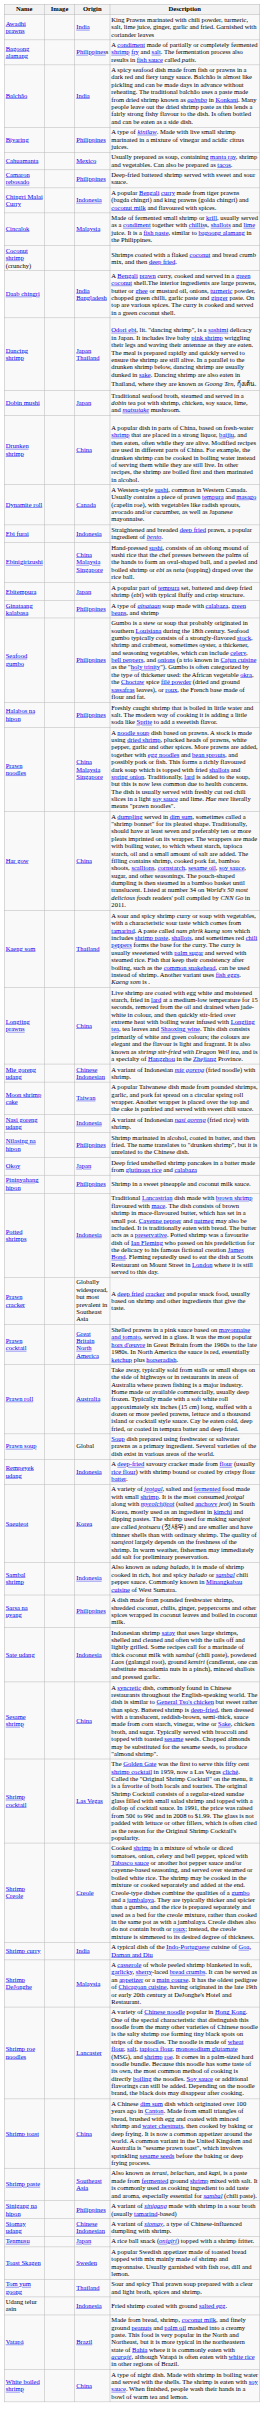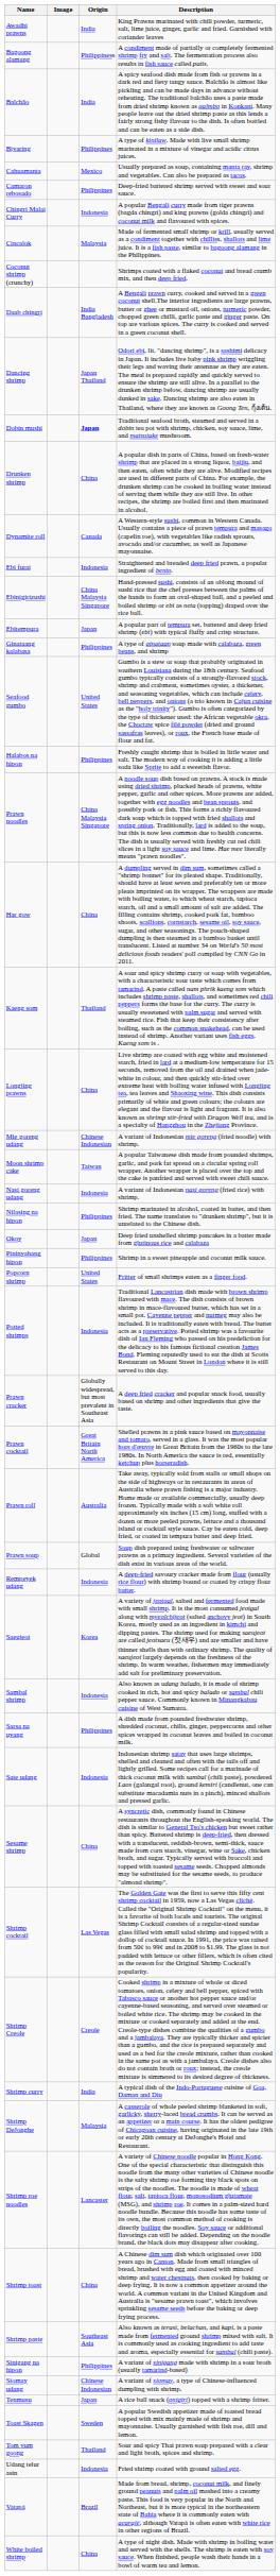 <table class="wikitable sortable" style="width:100%; height:100%;">
 <tr>
 <th style="width:15%;">Name</th>
 <th style="width:12%;">Image</th>
 <th style="width:13%;">Origin</th>
 <th style="width:60%;">Description</th>
 </tr>
 <tr>
 <td><a href='#'>Awadhi prawns</a></td>
 <td></td>
 <td><a href='#'>India</a></td>
 <td>King Prawns marinated with chili powder, turmeric, salt, lime juice, ginger, garlic and fried. Garnished with coriander leaves</td>
 </tr>
 <tr>
 <td><a href='#'>Bagoong alamang</a></td>
 <td></td>
 <td><a href='#'>Philippines</a>s</td>
 <td>A <a href='#'>condiment</a> made of partially or completely fermented <a href='#'>shrimp</a> <a href='#'>fry</a> and <a href='#'>salt</a>. The fermentation process also results in <a href='#'>fish sauce</a> called <em>patis</em>.</td>
 </tr>
 <tr>
 <td><a href='#'>Balchão</a></td>
 <td></td>
 <td><a href='#'>India</a></td>
 <td>A spicy seafood dish made from fish or prawns in a dark red and fiery tangy sauce. Balchão is almost like pickling and can be made days in advance without reheating. The traditional balchão uses a paste made from dried shrimp known as <em><a href='#'>galmbo</a></em> in <a href='#'>Konkani</a>. Many people leave out the dried shrimp paste as this lends a fairly strong fishy flavour to the dish. Is often bottled and can be eaten as a side dish.</td>
 </tr>
 <tr>
 <td><a href='#'>Biyaring</a></td>
 <td></td>
 <td><a href='#'>Philippines</a></td>
 <td>A type of <em><a href='#'>kinilaw</a></em>. Made with live small shrimp marinated in a mixture of vinegar and acidic citrus juices.</td>
 </tr>
 <tr>
 <td><a href='#'>Cahuamanta</a></td>
 <td></td>
 <td><a href='#'>Mexico</a></td>
 <td>Usually prepared as soup, containing <a href='#'>manta ray</a>, shrimp and vegetables. Can also be prepared as <a href='#'>tacos</a>.</td>
 </tr>
 <tr>
 <td><a href='#'>Camaron rebosado</a></td>
 <td></td>
 <td><a href='#'>Philippines</a></td>
 <td>Deep-fried battered shrimp served with sweet and sour sauce.</td>
 </tr>
 <tr>
 <td><a href='#'>Chingri Malai Curry</a></td>
 <td></td>
 <td><a href='#'>Indonesia</a></td>
 <td>A popular <a href='#'>Bengali</a> <a href='#'>curry</a> made from tiger prawns (bagda chingri) and king prawns (golda chingri) and <a href='#'>coconut milk</a> and flavoured with spices.</td>
 </tr>
 <tr>
 <td><a href='#'>Cincalok</a></td>
 <td></td>
 <td><a href='#'>Malaysia</a></td>
 <td>Made of fermented small shrimp or <a href='#'>krill</a>, usually served as a <a href='#'>condiment</a> together with <a href='#'>chillis</a>s, <a href='#'>shallots</a> and <a href='#'>lime</a> juice. It is a <a href='#'>fish paste</a>, similar to <a href='#'>bagoong alamang</a> in the Philippines.</td>
 </tr>
 <tr>
 <td><a href='#'>Coconut shrimp</a> (crunchy)</td>
 <td></td>
 <td></td>
 <td>Shrimps coated with a flaked <a href='#'>coconut</a> and bread crumb mix, and then <a href='#'>deep fried</a>.</td>
 </tr>
 <tr>
 <td><a href='#'>Daab chingri</a></td>
 <td></td>
 <td><a href='#'>India</a><br><a href='#'>Bangladesh</a></td>
 <td>A <a href='#'>Bengali</a> <a href='#'>prawn</a> curry, cooked and served in a <a href='#'>green coconut</a> shell.The interior ingredients are large prawns, butter or <a href='#'>ghee</a> or mustard oil, onions, <a href='#'>turmeric</a> powder, chopped green chilli, garlic paste and <a href='#'>ginger</a> paste. On top are various spices. The curry is cooked and served in a green coconut shell.</td>
 </tr>
 <tr>
 <td><a href='#'>Dancing shrimp</a></td>
 <td></td>
 <td><a href='#'>Japan</a><br><a href='#'>Thailand</a></td>
 <td><br><a href='#'>Odori ebi</a>, lit. "dancing shrimp", is a <a href='#'>sashimi</a> delicacy in Japan. It includes live baby <a href='#'>pink shrimp</a> wriggling their legs and waving their antennae as they are eaten. The meal is prepared rapidly and quickly served to ensure the shrimp are still alive. In a parallel to the drunken shrimp below, dancing shrimp are usually dunked in <a href='#'>sake</a>. Dancing shrimp are also eaten in Thailand, where they are known as <em>Goong Ten</em>, กุ้งเต้น.</td>
 </tr>
 <tr>
 <td><a href='#'>Dobin mushi</a></td>
 <td></td>
-<td><a href='#'>Japan</a></td>
+<td><strong><a href='#'>Japan</a></strong></td>
 <td>Traditional seafood broth, steamed and served in a <em>dobin</em> tea pot with shrimp, chicken, soy sauce, lime, and <em><a href='#'>matsutake</a></em> mushroom.</td>
 </tr>
 <tr>
 <td><a href='#'>Drunken shrimp</a></td>
 <td></td>
 <td><a href='#'>China</a></td>
 <td><br>A popular dish in parts of China, based on fresh-water <a href='#'>shrimp</a> that are placed in a strong liquor, <a href='#'>baijiu</a>, and then eaten, often while they are alive. Modified recipes are used in different parts of China. For example, the drunken shrimp can be cooked in boiling water instead of serving them while they are still live. In other recipes, the shrimp are boiled first and then marinated in alcohol.</td>
 </tr>
 <tr>
 <td><a href='#'>Dynamite roll</a></td>
 <td></td>
 <td><a href='#'>Canada</a></td>
 <td>A Western-style <a href='#'>sushi</a>, common in Western Canada. Usually contains a piece of prawn <a href='#'>tempura</a> and <a href='#'>masago</a> (capelin roe), with vegetables like radish sprouts, avocado and/or cucumber, as well as Japanese mayonnaise.</td>
 </tr>
 <tr>
 <td><a href='#'>Ebi furai</a></td>
 <td></td>
 <td><a href='#'>Indonesia</a></td>
 <td>Straightened and breaded <a href='#'>deep fried</a> prawn, a popular ingredient of <em><a href='#'>bento</a></em>.</td>
 </tr>
 <tr>
 <td><a href='#'>Ebinigirizushi</a></td>
 <td></td>
 <td><a href='#'>China</a><br><a href='#'>Malaysia</a><br><a href='#'>Singapore</a></td>
 <td>Hand-pressed <a href='#'>sushi</a>,  consists of an oblong mound of sushi rice that the chef presses between the palms of the hands to form an oval-shaped ball, and a peeled and boiled shrimp or <em>ebi</em> as <em>neta</em> (topping) draped over the rice ball.</td>
 </tr>
 <tr>
 <td><a href='#'>Ebitempura</a></td>
 <td></td>
 <td><a href='#'>Japan</a></td>
 <td>A popular part of <a href='#'>tempura</a> set, battered and deep fried shrimp (<em>ebi</em>) with typical fluffy and crisp structure.</td>
 </tr>
 <tr>
 <td><a href='#'>Ginataang kalabasa</a></td>
 <td></td>
 <td><a href='#'>Philippines</a></td>
 <td>A type of <em><a href='#'>ginataan</a></em> soup made with <a href='#'>calabaza</a>, <a href='#'>green beans</a>, and shrimp</td>
 </tr>
 <tr>
 <td><a href='#'>Seafood gumbo</a></td>
 <td></td>
-<td><a href='#'>Philippines</a></td>
+<td><a href='#'>United States</a></td>
 <td>Gumbo is a stew or soup that probably originated in southern <a href='#'>Louisiana</a> during the 18th century. Seafood gumbo typically consists of a strongly-flavored <a href='#'>stock</a>, shrimp and crabmeat, sometimes oyster, a thickener, and seasoning vegetables, which can include <a href='#'>celery</a>, <a href='#'>bell peppers</a>, and <a href='#'>onions</a> (a trio known in <a href='#'>Cajun cuisine</a> as the "<a href='#'>holy trinity</a>"). Gumbo is often categorized by the type of thickener used: the African vegetable <a href='#'>okra</a>, the <a href='#'>Choctaw</a> spice <a href='#'>filé powder</a> (dried and ground <a href='#'>sassafras</a> leaves), or <a href='#'>roux</a>, the French base made of flour and fat.</td>
 </tr>
 <tr>
 <td><a href='#'>Halabos na hipon</a></td>
 <td></td>
 <td><a href='#'>Philippines</a></td>
 <td>Freshly caught shrimp that is boiled in little water and salt. The modern way of cooking it is adding a little soda like <a href='#'>Sprite</a> to add a sweetish flavor.</td>
 </tr>
 <tr>
 <td><a href='#'>Prawn noodles</a></td>
 <td></td>
 <td><a href='#'>China</a><br><a href='#'>Malaysia</a><br><a href='#'>Singapore</a></td>
 <td>A <a href='#'>noodle soup</a> dish based on prawns. A stock is made using <a href='#'>dried shrimp</a>, plucked heads of prawns, white pepper, garlic and other spices. More prawns are added, together with <a href='#'>egg noodles</a> and <a href='#'>bean sprouts</a>, and possibly pork or fish. This forms a richly flavoured dark soup which is topped with fried <a href='#'>shallots</a> and <a href='#'>spring onion</a>. Traditionally, <a href='#'>lard</a> is added to the soup, but this is now less common due to health concerns. The dish is usually served with freshly cut red chili slices in a light <a href='#'>soy sauce</a> and lime. <em>Hae mee</em> literally means "prawn noodles".</td>
 </tr>
 <tr>
 <td><a href='#'>Har gow</a></td>
 <td></td>
 <td><a href='#'>China</a></td>
 <td>A <a href='#'>dumpling</a> served in <a href='#'>dim sum</a>, sometimes called a "shrimp bonnet" for its pleated shape. Traditionally, should have at least seven and preferably ten or more pleats imprinted on its wrapper. The wrappers are made with boiling water, to which wheat starch, tapioca starch, oil and a small amount of salt are added. The filling contains shrimp, cooked pork fat, bamboo shoots, <a href='#'>scallions</a>, <a href='#'>cornstarch</a>, <a href='#'>sesame oil</a>, <a href='#'>soy sauce</a>, sugar, and other seasonings. The pouch-shaped dumpling is then steamed in a bamboo basket until translucent. Listed at number 34 on <em>World's 50 most delicious foods</em> readers' poll compiled by <em>CNN Go</em> in 2011.</td>
 </tr>
 <tr>
 <td><a href='#'>Kaeng som</a></td>
 <td></td>
 <td><a href='#'>Thailand</a></td>
 <td>A sour and spicy shrimp curry or soup with vegetables, with a characteristic sour taste which comes from <a href='#'>tamarind</a>. A paste called <em>nam phrik kaeng som</em> which includes <a href='#'>shrimp paste</a>, <a href='#'>shallots</a>, and sometimes red <a href='#'>chili peppers</a> forms the base for the curry. The curry is usually sweetened with <a href='#'>palm sugar</a> and served with steamed rice. Fish that keep their consistency after boiling, such as the <a href='#'>common snakehead</a>, can be used instead of shrimp. Another variant uses <a href='#'>fish eggs</a>. <em>Kaeng som</em> is .</td>
 </tr>
 <tr>
 <td><a href='#'>Longjing prawns</a></td>
 <td></td>
 <td><a href='#'>China</a></td>
 <td>Live shrimp are coated with egg white and moistened starch, fried in <a href='#'>lard</a> at a medium-low temperature for 15 seconds, removed from the oil and drained when jade-white in colour, and then quickly stir-fried over extreme heat with boiling water infused with <a href='#'>Longjing tea</a>, tea leaves and <a href='#'>Shaoxing wine</a>. This dish consists primarily of white and green colours; the colours are elegant and the flavour is light and fragrant. It is also known as <em>shrimp stir-fried with Dragon Well tea</em>, and is a specialty of <a href='#'>Hangzhou</a> in the <a href='#'>Zhejiang</a> Province.</td>
 </tr>
 <tr>
 <td><a href='#'>Mie goreng udang</a></td>
 <td></td>
 <td><a href='#'>Chinese Indonesian</a></td>
 <td>A variant of Indonesian <em><a href='#'>mie goreng</a></em> (fried noodle) with shrimp.</td>
 </tr>
 <tr>
 <td><a href='#'>Moon shrimp cake</a></td>
 <td></td>
 <td><a href='#'>Taiwan</a></td>
 <td>A popular Taiwanese dish made from pounded shrimps, garlic, and pork fat spread on a circular spring roll wrapper. Another wrapper is placed over the top and the cake is panfried and served with sweet chili sauce.</td>
 </tr>
 <tr>
 <td><a href='#'>Nasi goreng udang</a></td>
 <td></td>
 <td><a href='#'>Indonesia</a></td>
 <td>A variant of Indonesian <em><a href='#'>nasi goreng</a></em> (fried rice) with shrimp.</td>
 </tr>
 <tr>
 <td><a href='#'>Nilasing na hipon</a></td>
 <td></td>
 <td><a href='#'>Philippines</a></td>
 <td>Shrimp marinated in alcohol, coated in batter, and then fried. The name translates to "drunken shrimp", but it is unrelated to the Chinese dish.</td>
 </tr>
 <tr>
 <td><a href='#'>Okoy</a></td>
 <td></td>
 <td><a href='#'>Japan</a></td>
 <td>Deep fried unshelled shrimp pancakes in a batter made from <a href='#'>glutinous rice</a> and <a href='#'>calabaza</a></td>
 </tr>
 <tr>
 <td><a href='#'>Pininyahang hipon</a></td>
 <td></td>
 <td><a href='#'>Philippines</a></td>
 <td>Shrimp in a sweet pineapple and coconut milk sauce.</td>
+</tr>
+<tr>
+<td><a href='#'>Popcorn shrimp</a></td>
+<td></td>
+<td><a href='#'>United States</a></td>
+<td><a href='#'>Fritter</a> of small shrimps eaten as a <a href='#'>finger food</a>.</td>
 </tr>
 <tr>
 <td><a href='#'>Potted shrimps</a></td>
 <td></td>
 <td><a href='#'>Indonesia</a></td>
 <td>Traditional <a href='#'>Lancastrian</a> dish made with <a href='#'>brown shrimp</a> flavoured with <a href='#'>mace</a>. The dish consists of brown shrimp in mace-flavoured butter, which has set in a small pot. <a href='#'>Cayenne pepper</a> and <a href='#'>nutmeg</a> may also be included. It is traditionally eaten with bread. The butter acts as a <a href='#'>preservative</a>. Potted shrimp was a favourite dish of <a href='#'>Ian Fleming</a> who passed on his predeliction for the delicacy to his famous fictional creation <a href='#'>James Bond</a>. Fleming reputedly used to eat the dish at Scotts Restaurant on Mount Street in <a href='#'>London</a> where it is still served to this day.</td>
 </tr>
 <tr>
 <td><a href='#'>Prawn cracker</a></td>
 <td></td>
 <td>Globally widespread, but most prevalent in Southeast Asia</td>
 <td>A <a href='#'>deep fried</a> <a href='#'>cracker</a> and popular snack food, usually based on shrimp and other ingredients that give the taste.</td>
 </tr>
 <tr>
 <td><a href='#'>Prawn cocktail</a></td>
 <td></td>
 <td><a href='#'>Great Britain</a><br><a href='#'>North America</a></td>
 <td>Shelled prawns in a pink sauce based on <a href='#'>mayonnaise and tomato</a>, served in a glass. It was the most popular <a href='#'>hors d'œuvre</a> in Great Britain from the 1960s to the late 1980s. In North America the sauce is red, essentially <a href='#'>ketchup</a> plus <a href='#'>horseradish</a>.</td>
 </tr>
 <tr>
 <td><a href='#'>Prawn roll</a></td>
 <td></td>
 <td><a href='#'>Australia</a></td>
 <td>Take away, typically sold from stalls or small shops on the side of highways or in restaurants in areas of Australia where prawn fishing is a major industry. Home made or available commercially, usually deep frozen. Typically made with a soft white roll approximately six inches (15 cm) long, stuffed with a dozen or more peeled prawns, lettuce and a thousand island or cocktail style sauce. Cay be eaten cold, deep fried, or coated in tempura batter and deep fried.</td>
 </tr>
 <tr>
 <td><a href='#'>Prawn soup</a></td>
 <td></td>
 <td>Global</td>
 <td><a href='#'>Soup</a> dish prepared using freshwater or saltwater prawns as a primary ingredient. Several varieties of the dish exist in various areas of the world.</td>
 </tr>
 <tr>
 <td><a href='#'>Rempeyek udang</a></td>
 <td></td>
 <td><a href='#'>Indonesia</a></td>
 <td>A <a href='#'>deep-fried</a> savoury cracker made from <a href='#'>flour</a> (usually <a href='#'>rice flour</a>) with shrimp bound or coated by crispy flour <a href='#'>batter</a>.</td>
 </tr>
 <tr>
 <td><a href='#'>Saeujeot</a></td>
 <td></td>
 <td><a href='#'>Korea</a></td>
 <td>A variety of <em><a href='#'>jeotgal</a></em>, salted and <a href='#'>fermented</a> food made with small <a href='#'>shrimp</a>. It is the most consumed <em>jeotgal</em> along with <em><a href='#'>myeolchijeot</a></em> (salted <a href='#'>anchovy</a> <em>jeot</em>) in South Korea, mostly used as an ingredient in <a href='#'>kimchi</a> and dipping pastes. The shrimp used for making <em>saeujeot</em> are called <em>jeotsaeu</em> (젓새우) and are smaller and have thinner shells than with ordinary shrimp. The quality of <em>saeujeot</em> largely depends on the freshness of the shrimp. In warm weather, fishermen may immediately add salt for preliminary preservation.</td>
 </tr>
 <tr>
 <td><a href='#'>Sambal shrimp</a></td>
 <td></td>
 <td><a href='#'>Indonesia</a></td>
 <td>Also known as <em>udang balado</em>, it is made of shrimp cooked in rich, hot and spicy <em>balado</em> or <em><a href='#'>sambal</a></em> chili pepper sauce. Commonly known in <a href='#'>Minangkabau cuisine</a> of West Sumatra.</td>
 </tr>
 <tr>
 <td><a href='#'>Sarsa na uyang</a></td>
 <td></td>
 <td><a href='#'>Philippines</a></td>
 <td>A dish made from pounded freshwater shrimp, shredded coconut, chilis, ginger, peppercorns and other spices wrapped in coconut leaves and boiled in coconut milk.</td>
 </tr>
 <tr>
 <td><a href='#'>Sate udang</a></td>
 <td></td>
 <td><a href='#'>Indonesia</a></td>
 <td>Indonesian shrimp <a href='#'>satay</a> that uses large shrimps, shelled and cleaned and often with the tails off and lightly grilled. Some recipes call for a marinade of thick coconut milk with <em>sambal</em> (chili paste), powdered <em>Laos</em> (galangal root), ground <em>kemiri</em> (candlenut, one can substitute macadamia nuts in a pinch), minced shallots and pressed garlic.</td>
 </tr>
 <tr>
 <td><a href='#'>Sesame shrimp</a></td>
 <td></td>
 <td><a href='#'>China</a></td>
 <td>A <a href='#'>syncretic</a> dish, commonly found in Chinese restaurants throughout the English-speaking world. The dish is similar to <a href='#'>General Tso's chicken</a> but sweet rather than spicy. Battered shrimp is <a href='#'>deep-fried</a>, then dressed with a translucent, reddish-brown, semi-thick, sauce made from corn starch, vinegar, wine or <a href='#'>Sake</a>, chicken broth, and sugar. Typically served with broccoli and topped with toasted <a href='#'>sesame</a> seeds. Chopped almonds may be substituted for the sesame seeds, to produce "almond shrimp".</td>
 </tr>
 <tr>
 <td><a href='#'>Shrimp cocktail</a></td>
 <td></td>
 <td><a href='#'>Las Vegas</a></td>
 <td>The <a href='#'>Golden Gate</a> was the first to serve this fifty cent <a href='#'>shrimp cocktail</a> in 1959, now a Las Vegas <a href='#'>cliché</a>. Called the "Original Shrimp Cocktail" on the menu, it is a favorite of both locals and tourists. The original Shrimp Cocktail consists of a regular-sized sundae glass filled with small salad shrimp and topped with a dollop of cocktail sauce. In 1991, the price was raised from 50¢ to 99¢ and in 2008 to $1.99. The glass is not padded with lettuce or other fillers, which is often cited as the reason for the Original Shrimp Cocktail's popularity.</td>
 </tr>
 <tr>
 <td><a href='#'>Shrimp Creole</a></td>
 <td></td>
 <td><a href='#'>Creole</a></td>
 <td>Cooked <a href='#'>shrimp</a> in a mixture of whole or diced tomatoes, onion, celery and bell pepper, spiced with <a href='#'>Tabasco sauce</a> or another hot pepper sauce and/or cayenne-based seasoning, and served over steamed or boiled white rice. The shrimp may be cooked in the mixture or cooked separately and added at the end. Creole-type dishes combine the qualities of a <a href='#'>gumbo</a> and a <a href='#'>jambalaya</a>. They are typically thicker and spicier than a gumbo, and the rice is prepared separately and used as a bed for the creole mixture, rather than cooked in the same pot as with a jambalaya. Creole dishes also do not contain broth or <a href='#'>roux</a>; instead, the creole mixture is simmered to its desired degree of thickness.</td>
 </tr>
 <tr>
 <td><a href='#'>Shrimp curry</a></td>
 <td></td>
 <td><a href='#'>India</a></td>
 <td>A typical dish of the <a href='#'>Indo-Portuguese</a> cuisine of <a href='#'>Goa, Daman and Diu</a></td>
 </tr>
 <tr>
 <td><a href='#'>Shrimp DeJonghe</a></td>
 <td></td>
 <td><a href='#'>Malaysia</a></td>
 <td>A <a href='#'>casserole</a> of whole peeled shrimp blanketed in soft, <a href='#'>garlicky</a>, <a href='#'>sherry</a>-laced <a href='#'>bread crumbs</a>. It can be served as an <a href='#'>appetizer</a> or a <a href='#'>main course</a>. It has the oldest pedigree of <a href='#'>Chicagoan cuisine</a>, having originated in the late 19th or early 20th century at DeJonghe's Hotel and Restaurant.</td>
 </tr>
 <tr>
 <td><a href='#'>Shrimp roe noodles</a></td>
 <td></td>
 <td><a href='#'>Lancaster</a></td>
 <td>A variety of <a href='#'>Chinese noodle</a> popular in <a href='#'>Hong Kong</a>. One of the special characteristic that distinguish this noodle from the many other varieties of Chinese noodle is the salty shrimp roe forming tiny black spots on strips of the noodles. The noodle is made of <a href='#'>wheat flour</a>, <a href='#'>salt</a>, <a href='#'>tapioca flour</a>, <a href='#'>monosodium glutamate</a> (MSG), and <a href='#'>shrimp</a> <a href='#'>roe</a>. It comes in a palm-sized hard noodle bundle. Because this noodle has some taste of its own, the most common method of cooking is directly <a href='#'>boiling</a> the noodles. <a href='#'>Soy sauce</a> or additional flavorings can still be added. Depending on the noodle brand, the black dots may disappear after cooking.</td>
 </tr>
 <tr>
 <td><a href='#'>Shrimp toast</a></td>
 <td></td>
 <td><a href='#'>China</a></td>
 <td>A Chinese <a href='#'>dim sum</a> dish which originated over 100 years ago in <a href='#'>Canton</a>. Made from small triangles of bread, brushed with egg and coated with minced shrimp and <a href='#'>water chestnuts</a>, then cooked by baking or deep frying. It is now a common appetizer around the world. A common variant in the United Kingdom and Australia is "sesame prawn toast", which involves sprinkling <a href='#'>sesame seeds</a> before the baking or deep frying process.</td>
 </tr>
 <tr>
 <td><a href='#'>Shrimp paste</a></td>
 <td></td>
 <td><a href='#'>Southeast Asia</a></td>
 <td>Also known as <em>terasi</em>, <em>belachan</em>, and <em>kapi</em>, is a paste made from <a href='#'>fermented</a> ground <a href='#'>shrimp</a> mixed with salt. It is commonly used as cooking ingredient to add taste and aroma, especially essential for <em><a href='#'>sambal</a></em> (chili paste).</td>
 </tr>
 <tr>
 <td><a href='#'>Sinigang na hipon</a></td>
 <td></td>
 <td><a href='#'>Philippines</a></td>
 <td>A variant of <em><a href='#'>sinigang</a></em> made with shrimp in a sour broth (usually <a href='#'>tamarind</a>-based)</td>
 </tr>
 <tr>
 <td><a href='#'>Siomay udang</a></td>
 <td></td>
 <td><a href='#'>Chinese Indonesian</a></td>
 <td>A variant of <em><a href='#'>siomay</a></em>, a type of Chinese-influenced dumpling with shrimp.</td>
 </tr>
 <tr>
 <td><a href='#'>Tenmusu</a></td>
 <td></td>
 <td><a href='#'>Japan</a></td>
 <td>A rice ball snack (<em><a href='#'>onigiri</a></em>) topped with a shrimp fritter.</td>
 </tr>
 <tr>
 <td><a href='#'>Toast Skagen</a></td>
 <td></td>
 <td><a href='#'>Sweden</a></td>
 <td>A popular Swedish appetizer made of toasted bread topped with mix mainly made of shrimp and mayonnaise. Usually garnished with fish roe, dill and lemon.</td>
 </tr>
 <tr>
 <td><a href='#'>Tom yum goong</a></td>
 <td></td>
 <td><a href='#'>Thailand</a></td>
 <td>Sour and spicy Thai prawn soup prepared with a clear and light broth, spices and shrimp.</td>
 </tr>
 <tr>
 <td>Udang telur asin</td>
 <td></td>
 <td><a href='#'>Indonesia</a></td>
 <td>Fried shrimp coated with ground <a href='#'>salted egg</a>.</td>
 </tr>
 <tr>
 <td><a href='#'>Vatapá</a></td>
 <td></td>
 <td><a href='#'>Brazil</a></td>
 <td>Made from bread, shrimp, <a href='#'>coconut milk</a>, and finely ground <a href='#'>peanuts</a> and <a href='#'>palm oil</a> mashed into a creamy paste. This food is very popular in the North and Northeast, but it is more typical in the northeastern state of <a href='#'>Bahia</a> where it is commonly eaten with <em><a href='#'>acarajé</a></em>, although Vatapá is often eaten with <a href='#'>white rice</a> in other regions of Brazil.</td>
 </tr>
 <tr>
 <td><a href='#'>White boiled shrimp</a></td>
 <td></td>
 <td><a href='#'>China</a></td>
 <td>A type of night dish. Made with shrimp in boiling water and served with the shells. The shrimp is eaten with <a href='#'>soy sauce</a>. When finished, people wash their hands in a bowl of warm tea and lemon.</td>
 </tr>
 </table>
